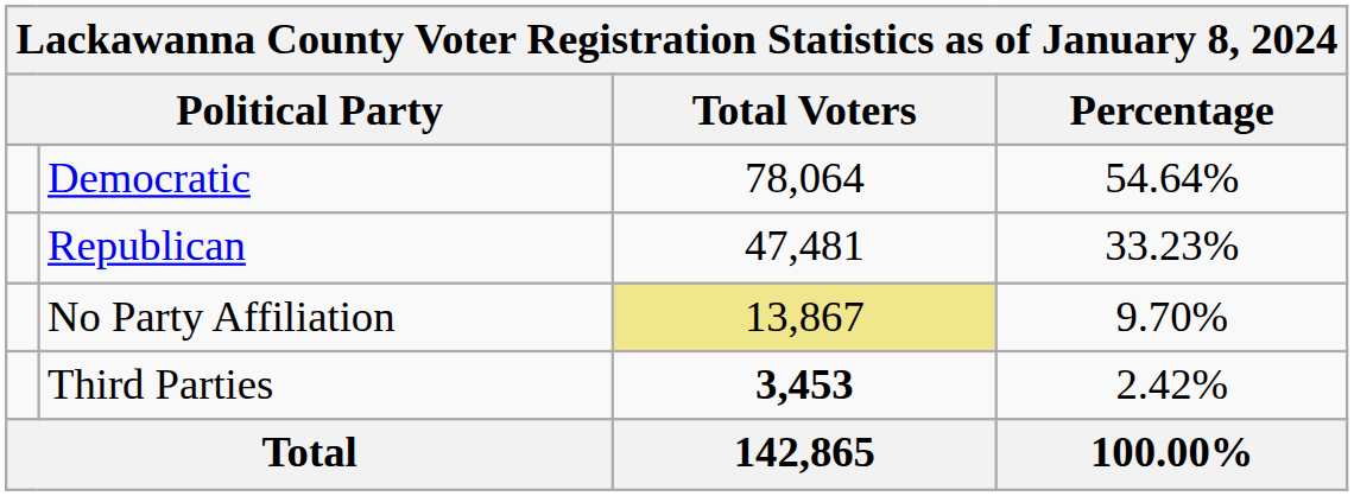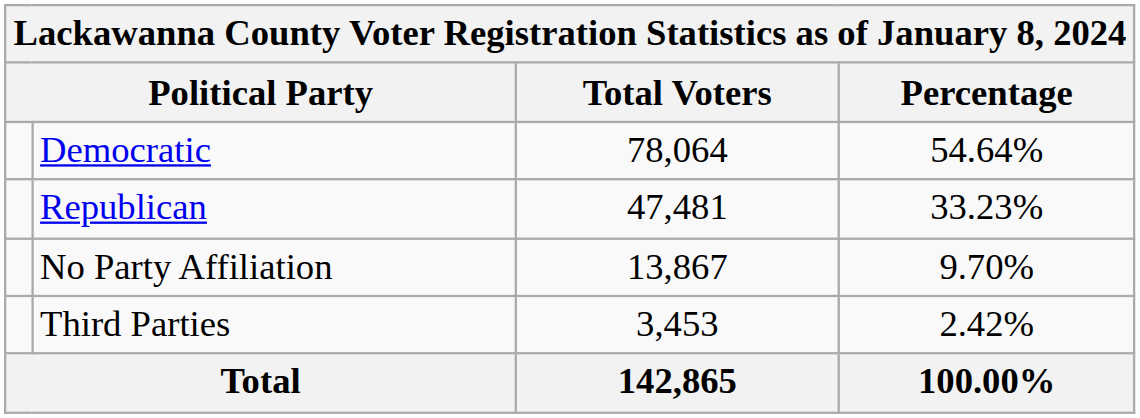 <table class=wikitable>
 <tr>
 <th colspan = 6>Lackawanna County Voter Registration Statistics as of January 8, 2024</th>
 </tr>
 <tr>
 <th colspan = 2>Political Party</th>
 <th>Total Voters</th>
 <th>Percentage</th>
 </tr>
 <tr>
 <td></td>
 <td><a href='#'>Democratic</a></td>
 <td align = center>78,064</td>
 <td align = center>54.64%</td>
 </tr>
 <tr>
 <td></td>
 <td><a href='#'>Republican</a></td>
 <td align = center>47,481</td>
 <td align = center>33.23%</td>
 </tr>
 <tr>
 <td></td>
 <td>No Party Affiliation</td>
-<td align = center style="background: khaki;">13,867</td>
+<td align = center>13,867</td>
 <td align = center>9.70%</td>
 </tr>
 <tr>
 <td></td>
 <td>Third Parties</td>
-<td align = center><strong>3,453</strong></td>
+<td align = center>3,453</td>
 <td align = center>2.42%</td>
 </tr>
 <tr>
 <th colspan = 2>Total</th>
 <th align = center>142,865</th>
 <th align = center>100.00%</th>
 </tr>
 </table>
